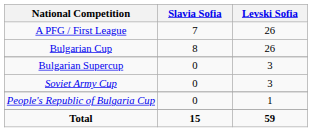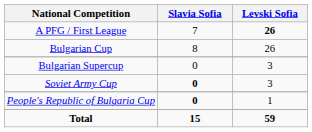 <table class="wikitable" style="text-align:center;font-size:95%">
 <tr>
 <th>National Competition</th>
 <th width="100"><a href='#'>Slavia Sofia</a></th>
 <th width="100"><a href='#'>Levski Sofia</a></th>
 </tr>
 <tr>
 <td><a href='#'>A PFG / First League</a></td>
 <td>7</td>
-<td>26</td>
+<td><strong>26</strong></td>
 </tr>
 <tr>
 <td><a href='#'>Bulgarian Cup</a></td>
 <td>8</td>
 <td>26</td>
 </tr>
 <tr>
 </tr>
 <tr>
 <td><a href='#'>Bulgarian Supercup</a></td>
 <td>0</td>
 <td>3</td>
 </tr>
 <tr>
 <td><em><a href='#'>Soviet Army Cup</a></em></td>
-<td>0</td>
+<td><strong>0</strong></td>
 <td>3</td>
 </tr>
 <tr>
 </tr>
 <tr>
 <td><em><a href='#'>People's Republic of Bulgaria Cup</a></em></td>
-<td>0</td>
+<td><strong>0</strong></td>
 <td>1</td>
 </tr>
 <tr>
 </tr>
 <tr>
 <td><strong>Total</strong></td>
 <td><strong>15</strong></td>
 <td><strong>59</strong></td>
 </tr>
 </table>
